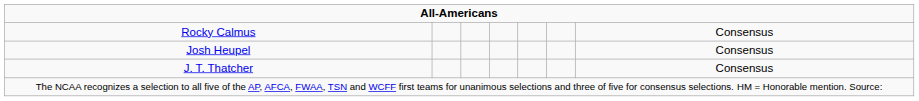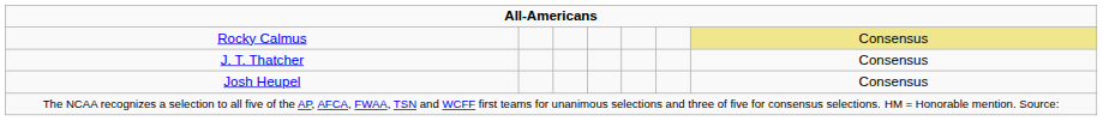 <table class="wikitable" style="width:100%;text-align: center;">
 <tr>
 <td colspan=7><strong>All-Americans</strong><br></td>
 </tr>
 <tr align="center">
 <td><a href='#'>Rocky Calmus</a></td>
+<td></td>
+<td></td>
+<td></td>
+<td></td>
+<td></td>
+<td style="background: khaki;">Consensus</td>
+</tr>
+<tr align="center">
+<td><a href='#'>J. T. Thatcher</a></td>
 <td></td>
 <td></td>
 <td></td>
 <td></td>
 <td></td>
 <td>Consensus</td>
 </tr>
 <tr align="center">
 <td><a href='#'>Josh Heupel</a></td>
 <td></td>
 <td></td>
 <td></td>
 <td></td>
 <td></td>
 <td>Consensus</td>
 </tr>
 <tr align="center">
-<td><a href='#'>J. T. Thatcher</a></td>
-<td></td>
-<td></td>
-<td></td>
-<td></td>
-<td></td>
-<td>Consensus</td>
-</tr>
-<tr align="center">
 <td colspan=7><small>The NCAA recognizes a selection to all five of the <a href='#'>AP</a>, <a href='#'>AFCA</a>, <a href='#'>FWAA</a>, <a href='#'>TSN</a> and <a href='#'>WCFF</a> first teams for unanimous selections and three of five for consensus selections.</small> <small>HM = Honorable mention. Source: </small></td>
 </tr>
 </table>
